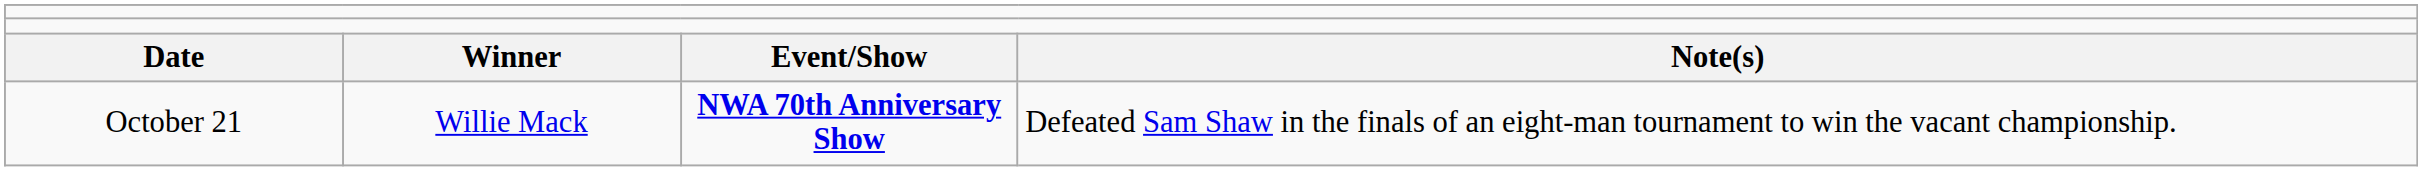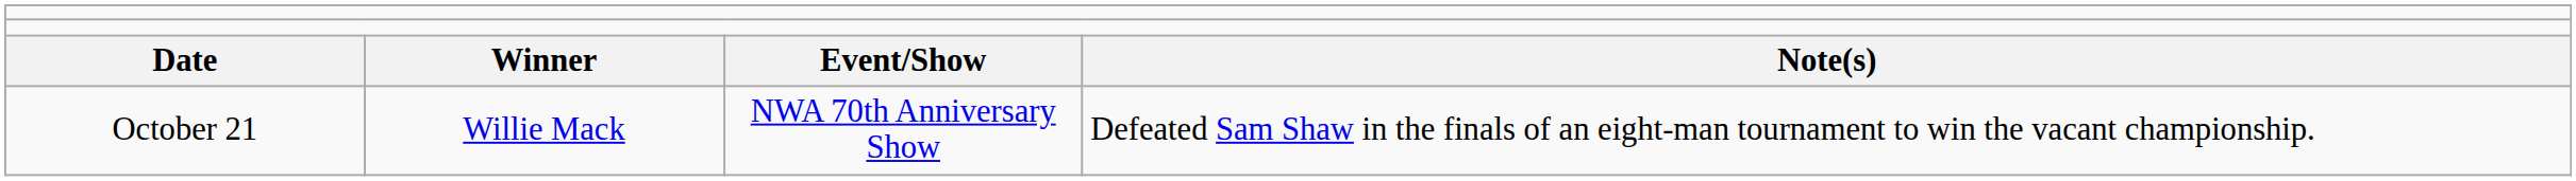 <table class="wikitable" style="text-align:center; width:100%;">
 <tr>
 <td colspan="5"></td>
 </tr>
 <tr>
 <td colspan="5"><strong></strong></td>
 </tr>
 <tr>
 <th width=14%>Date</th>
 <th width=14%>Winner</th>
 <th width=14%>Event/Show</th>
 <th width=58%>Note(s)</th>
 </tr>
 <tr>
 <td>October 21</td>
 <td><a href='#'>Willie Mack</a></td>
-<td><strong><a href='#'>NWA 70th Anniversary Show</a></strong></td>
+<td><a href='#'>NWA 70th Anniversary Show</a></td>
 <td align=left>Defeated <a href='#'>Sam Shaw</a> in the finals of an eight-man tournament to win the vacant championship.</td>
 </tr>
 </table>
